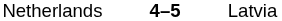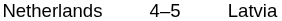 <table style="text-align:center">
 <tr>
 <th width=200></th>
 <th width=100></th>
 <th width=200></th>
 </tr>
 <tr>
 <td align=right>Netherlands </td>
-<td><strong>4–5</strong></td>
+<td>4–5</td>
 <td align=left> Latvia</td>
 </tr>
 </table>
